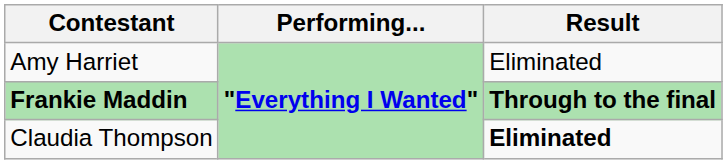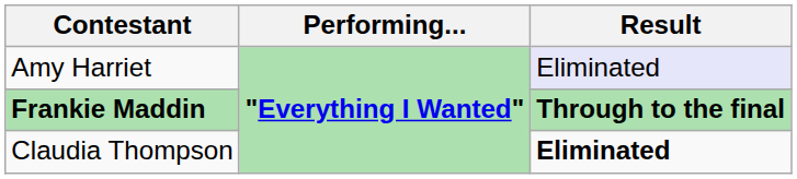 <table class="wikitable">
 <tr>
 <th>Contestant</th>
 <th>Performing...</th>
 <th>Result</th>
 </tr>
 <tr>
 <td>Amy Harriet</td>
 <td style="background:#ACE1AF;" rowspan="3"><strong>"<a href='#'>Everything I Wanted</a>"</strong></td>
-<td>Eliminated</td>
+<td style="background: lavender;">Eliminated</td>
 </tr>
 <tr>
 <td style="background:#ACE1AF;"><strong>Frankie Maddin</strong></td>
 <td style="background:#ACE1AF;"><strong>Through to the final</strong></td>
 </tr>
 <tr>
 <td>Claudia Thompson</td>
 <td><strong>Eliminated</strong></td>
 </tr>
 </table>
